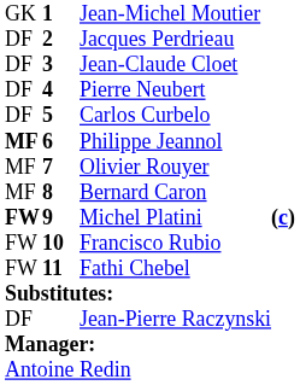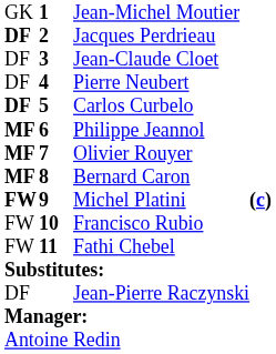 <table style=font-size:90% cellspacing=0 cellpadding=0>
 <tr>
 <td colspan=4></td>
 </tr>
 <tr>
 <th width=25></th>
 <th width=25></th>
 </tr>
 <tr>
 <td>GK</td>
 <td><strong>1 </strong></td>
 <td> <a href='#'>Jean-Michel Moutier</a></td>
 </tr>
 <tr>
-<td>DF</td>
+<td><strong>DF</strong></td>
 <td><strong>2 </strong></td>
 <td> <a href='#'>Jacques Perdrieau</a></td>
 <td></td>
 <td></td>
 </tr>
 <tr>
 <td>DF</td>
 <td><strong>3 </strong></td>
 <td> <a href='#'>Jean-Claude Cloet</a></td>
 </tr>
 <tr>
 <td>DF</td>
 <td><strong>4 </strong></td>
 <td> <a href='#'>Pierre Neubert</a></td>
 </tr>
 <tr>
-<td>DF</td>
+<td><strong>DF</strong></td>
 <td><strong>5 </strong></td>
 <td> <a href='#'>Carlos Curbelo</a></td>
 </tr>
 <tr>
 <td><strong>MF</strong></td>
 <td><strong>6 </strong></td>
 <td> <a href='#'>Philippe Jeannol</a></td>
 </tr>
 <tr>
-<td>MF</td>
+<td><strong>MF</strong></td>
 <td><strong>7 </strong></td>
 <td> <a href='#'>Olivier Rouyer</a></td>
 </tr>
 <tr>
-<td>MF</td>
+<td><strong>MF</strong></td>
 <td><strong>8 </strong></td>
 <td> <a href='#'>Bernard Caron</a></td>
 </tr>
 <tr>
 <td><strong>FW</strong></td>
 <td><strong>9 </strong></td>
 <td> <a href='#'>Michel Platini</a></td>
 <td><strong>(<a href='#'>c</a>)</strong></td>
 </tr>
 <tr>
 <td>FW</td>
 <td><strong>10 </strong></td>
 <td> <a href='#'>Francisco Rubio</a></td>
 </tr>
 <tr>
 <td>FW</td>
 <td><strong>11 </strong></td>
 <td> <a href='#'>Fathi Chebel</a></td>
 </tr>
 <tr>
 <td colspan=3><strong>Substitutes:</strong></td>
 </tr>
 <tr>
 <td>DF</td>
 <td><strong> </strong></td>
 <td> <a href='#'>Jean-Pierre Raczynski</a></td>
 <td></td>
 <td></td>
 </tr>
 <tr>
 <td colspan=3><strong>Manager:</strong></td>
 </tr>
 <tr>
 <td colspan=4> <a href='#'>Antoine Redin</a></td>
 </tr>
 </table>
